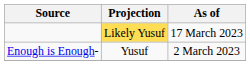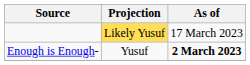 <table class="wikitable" style="text-align:center">
 <tr>
 <th>Source</th>
 <th colspan=2>Projection</th>
 <th>As of</th>
 </tr>
 <tr>
 <td align="left"></td>
 <td colspan=2 bgcolor=#ffdd55>Likely Yusuf</td>
 <td>17 March 2023</td>
 </tr>
 <tr>
 <td align="left"><a href='#'>Enough is Enough</a>-<br></td>
 <td colspan=2 >Yusuf</td>
-<td>2 March 2023</td>
+<td><strong>2 March 2023</strong></td>
 </tr>
 <tr>
 </tr>
 </table>
